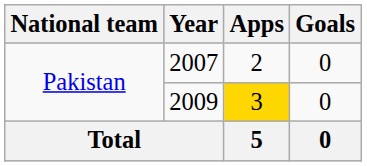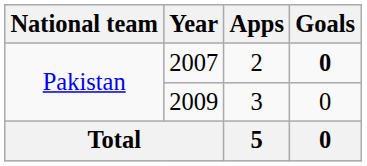 <table class="wikitable" style="text-align:center">
 <tr>
 <th>National team</th>
 <th>Year</th>
 <th>Apps</th>
 <th>Goals</th>
 </tr>
 <tr>
 <td rowspan="2"><a href='#'>Pakistan</a></td>
 <td>2007</td>
 <td>2</td>
-<td>0</td>
+<td><strong>0</strong></td>
 </tr>
 <tr>
 <td>2009</td>
-<td style="background: gold;">3</td>
+<td>3</td>
 <td>0</td>
 </tr>
 <tr>
 <th colspan="2">Total</th>
 <th>5</th>
 <th>0</th>
 </tr>
 </table>
